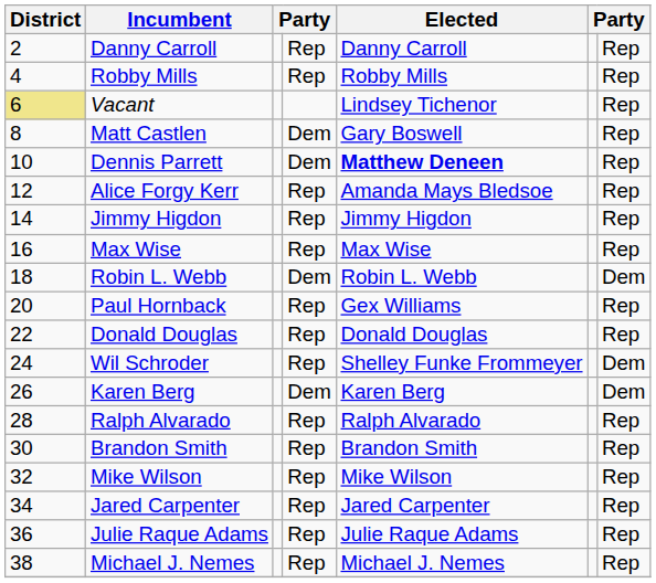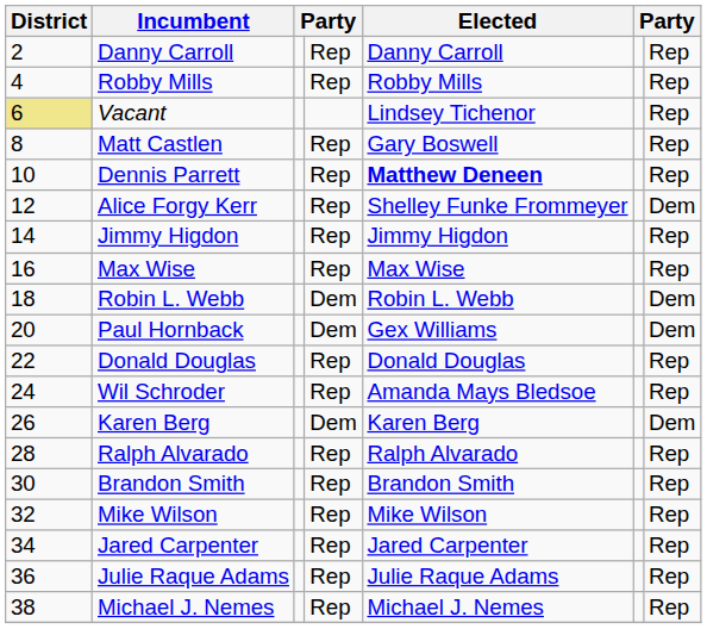 <table class="sortable wikitable" style="font-size:95%;line-height:14px;">
 <tr>
 <th class="unsortable">District</th>
 <th class="unsortable"><a href='#'>Incumbent</a></th>
 <th colspan="2">Party</th>
 <th class="unsortable">Elected</th>
 <th colspan="2">Party</th>
 </tr>
 <tr>
 <td>2</td>
 <td><a href='#'>Danny Carroll</a></td>
 <td style="background:"></td>
 <td>Rep</td>
 <td><a href='#'>Danny Carroll</a></td>
 <td style="background:"></td>
 <td>Rep</td>
 </tr>
 <tr>
 <td>4</td>
 <td><a href='#'>Robby Mills</a></td>
 <td style="background:"></td>
 <td>Rep</td>
 <td><a href='#'>Robby Mills</a></td>
 <td style="background:"></td>
 <td>Rep</td>
 </tr>
 <tr>
 <td style="background: khaki;">6</td>
 <td><em>Vacant</em></td>
 <td></td>
 <td></td>
 <td><a href='#'>Lindsey Tichenor</a></td>
 <td style="background:"></td>
 <td>Rep</td>
 </tr>
 <tr>
 <td>8</td>
 <td><a href='#'>Matt Castlen</a></td>
 <td style="background:"></td>
-<td>Dem</td>
+<td>Rep</td>
 <td><a href='#'>Gary Boswell</a></td>
 <td style="background:"></td>
 <td>Rep</td>
 </tr>
 <tr>
 <td>10</td>
 <td><a href='#'>Dennis Parrett</a></td>
 <td style="background:"></td>
-<td>Dem</td>
+<td>Rep</td>
 <td><strong><a href='#'>Matthew Deneen</a></strong></td>
 <td style="background:"></td>
 <td>Rep</td>
 </tr>
 <tr>
 <td>12</td>
 <td><a href='#'>Alice Forgy Kerr</a></td>
 <td style="background:"></td>
 <td>Rep</td>
-<td><a href='#'>Amanda Mays Bledsoe</a></td>
+<td><a href='#'>Shelley Funke Frommeyer</a></td>
 <td style="background:"></td>
-<td>Rep</td>
+<td>Dem</td>
 </tr>
 <tr>
 <td>14</td>
 <td><a href='#'>Jimmy Higdon</a></td>
 <td style="background:"></td>
 <td>Rep</td>
 <td><a href='#'>Jimmy Higdon</a></td>
 <td style="background:"></td>
 <td>Rep</td>
 </tr>
 <tr>
 <td>16</td>
 <td><a href='#'>Max Wise</a></td>
 <td style="background:"></td>
 <td>Rep</td>
 <td><a href='#'>Max Wise</a></td>
 <td style="background:"></td>
 <td>Rep</td>
 </tr>
 <tr>
 <td>18</td>
 <td><a href='#'>Robin L. Webb</a></td>
 <td style="background:"></td>
 <td>Dem</td>
 <td><a href='#'>Robin L. Webb</a></td>
 <td style="background:"></td>
 <td>Dem</td>
 </tr>
 <tr>
 <td>20</td>
 <td><a href='#'>Paul Hornback</a></td>
 <td style="background:"></td>
-<td>Rep</td>
+<td>Dem</td>
 <td><a href='#'>Gex Williams</a></td>
 <td style="background:"></td>
-<td>Rep</td>
+<td>Dem</td>
 </tr>
 <tr>
 <td>22</td>
 <td><a href='#'>Donald Douglas</a></td>
 <td style="background:"></td>
 <td>Rep</td>
 <td><a href='#'>Donald Douglas</a></td>
 <td style="background:"></td>
 <td>Rep</td>
 </tr>
 <tr>
 <td>24</td>
 <td><a href='#'>Wil Schroder</a></td>
 <td style="background:"></td>
 <td>Rep</td>
-<td><a href='#'>Shelley Funke Frommeyer</a></td>
+<td><a href='#'>Amanda Mays Bledsoe</a></td>
 <td style="background:"></td>
-<td>Dem</td>
+<td>Rep</td>
 </tr>
 <tr>
 <td>26</td>
 <td><a href='#'>Karen Berg</a></td>
 <td style="background:"></td>
 <td>Dem</td>
 <td><a href='#'>Karen Berg</a></td>
 <td style="background:"></td>
 <td>Dem</td>
 </tr>
 <tr>
 <td>28</td>
 <td><a href='#'>Ralph Alvarado</a></td>
 <td style="background:"></td>
 <td>Rep</td>
 <td><a href='#'>Ralph Alvarado</a></td>
 <td style="background:"></td>
 <td>Rep</td>
 </tr>
 <tr>
 <td>30</td>
 <td><a href='#'>Brandon Smith</a></td>
 <td style="background:"></td>
 <td>Rep</td>
 <td><a href='#'>Brandon Smith</a></td>
 <td style="background:"></td>
 <td>Rep</td>
 </tr>
 <tr>
 <td>32</td>
 <td><a href='#'>Mike Wilson</a></td>
 <td style="background:"></td>
 <td>Rep</td>
 <td><a href='#'>Mike Wilson</a></td>
 <td style="background:"></td>
 <td>Rep</td>
 </tr>
 <tr>
 <td>34</td>
 <td><a href='#'>Jared Carpenter</a></td>
 <td style="background:"></td>
 <td>Rep</td>
 <td><a href='#'>Jared Carpenter</a></td>
 <td style="background:"></td>
 <td>Rep</td>
 </tr>
 <tr>
 <td>36</td>
 <td><a href='#'>Julie Raque Adams</a></td>
 <td style="background:"></td>
 <td>Rep</td>
 <td><a href='#'>Julie Raque Adams</a></td>
 <td style="background:"></td>
 <td>Rep</td>
 </tr>
 <tr>
 <td>38</td>
 <td><a href='#'>Michael J. Nemes</a></td>
 <td style="background:"></td>
 <td>Rep</td>
 <td><a href='#'>Michael J. Nemes</a></td>
 <td style="background:"></td>
 <td>Rep</td>
 </tr>
 <tr>
 </tr>
 </table>
